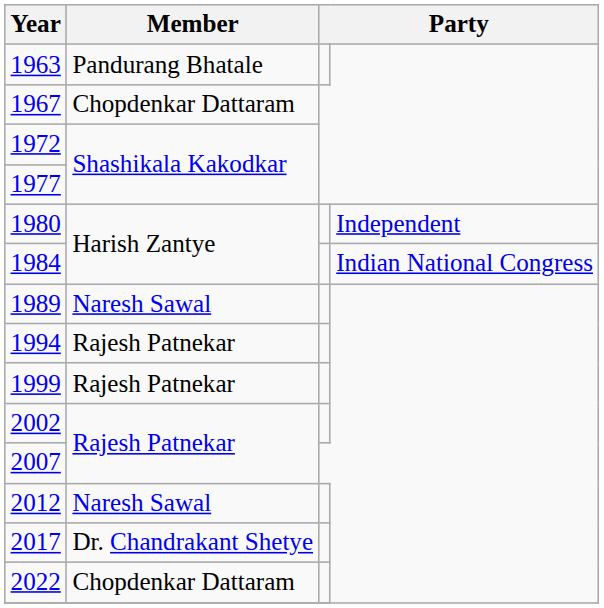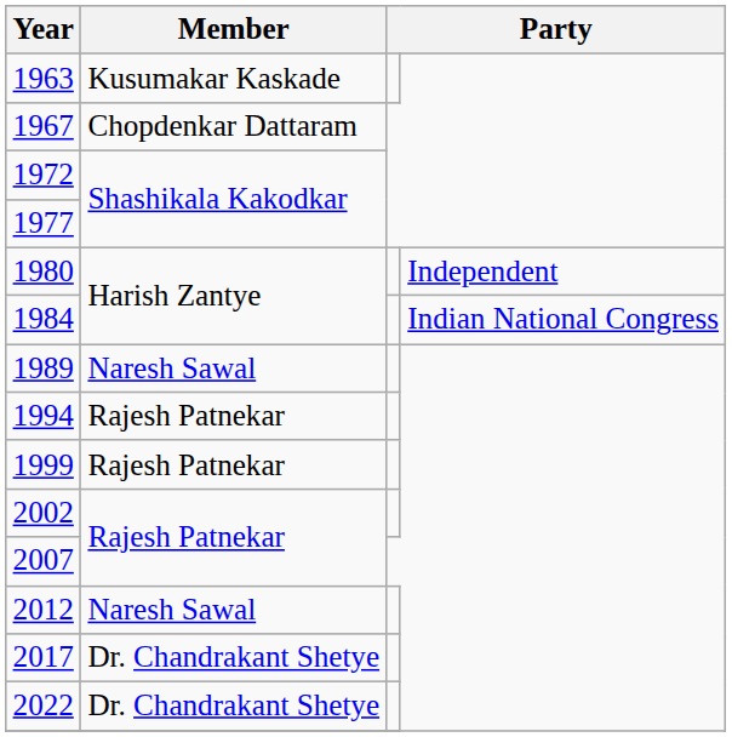 <table class="wikitable sortable">
 <tr>
 <th>Year</th>
 <th>Member</th>
 <th colspan="2">Party</th>
 </tr>
 <tr>
 <td><a href='#'>1963</a></td>
-<td>Pandurang Bhatale</td>
+<td>Kusumakar Kaskade</td>
 <td></td>
 </tr>
 <tr>
 <td><a href='#'>1967</a></td>
 <td>Chopdenkar Dattaram</td>
 </tr>
 <tr>
 <td><a href='#'>1972</a></td>
 <td rowspan=2><a href='#'>Shashikala Kakodkar</a></td>
 </tr>
 <tr>
 <td><a href='#'>1977</a></td>
 </tr>
 <tr>
 <td><a href='#'>1980</a></td>
 <td rowspan=2>Harish Zantye</td>
 <td style="background-color: "></td>
 <td><a href='#'>Independent</a></td>
 </tr>
 <tr>
 <td><a href='#'>1984</a></td>
 <td style="background-color: "></td>
 <td><a href='#'>Indian National Congress</a></td>
 </tr>
 <tr>
 <td><a href='#'>1989</a></td>
 <td><a href='#'>Naresh Sawal</a></td>
 <td></td>
 </tr>
 <tr>
 <td><a href='#'>1994</a></td>
 <td>Rajesh Patnekar</td>
 <td></td>
 </tr>
 <tr>
 <td><a href='#'>1999</a></td>
 <td>Rajesh Patnekar</td>
 <td></td>
 </tr>
 <tr>
 <td><a href='#'>2002</a></td>
 <td rowspan=2><a href='#'>Rajesh Patnekar</a></td>
 <td></td>
 </tr>
 <tr>
 <td><a href='#'>2007</a></td>
 </tr>
 <tr>
 <td><a href='#'>2012</a></td>
 <td><a href='#'>Naresh Sawal</a></td>
 <td></td>
 </tr>
 <tr>
 <td><a href='#'>2017</a></td>
 <td>Dr. <a href='#'>Chandrakant Shetye</a></td>
 <td></td>
 </tr>
 <tr>
 <td><a href='#'>2022</a></td>
-<td>Chopdenkar Dattaram</td>
+<td>Dr. <a href='#'>Chandrakant Shetye</a></td>
 <td></td>
 </tr>
 <tr>
 </tr>
 </table>
